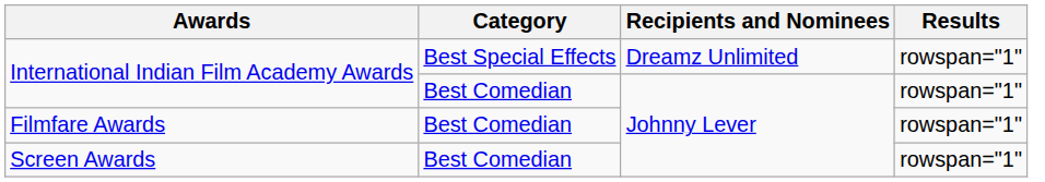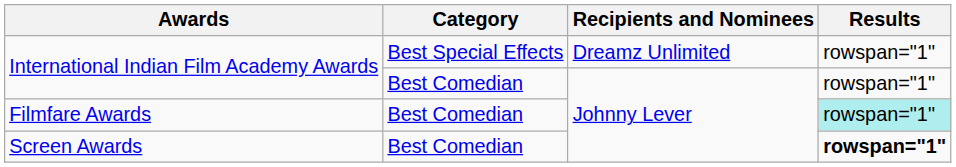 <table class="wikitable plainrowheaders sortable">
 <tr>
 <th>Awards</th>
 <th>Category</th>
 <th>Recipients and Nominees</th>
 <th>Results</th>
 </tr>
 <tr>
 <td rowspan="2"><a href='#'>International Indian Film Academy Awards</a></td>
 <td><a href='#'>Best Special Effects</a></td>
 <td><a href='#'>Dreamz Unlimited</a></td>
 <td>rowspan="1" </td>
 </tr>
 <tr>
 <td><a href='#'>Best Comedian</a></td>
 <td rowspan="3"><a href='#'>Johnny Lever</a></td>
 <td>rowspan="1" </td>
 </tr>
 <tr>
 <td rowspan="1"><a href='#'>Filmfare Awards</a></td>
 <td><a href='#'>Best Comedian</a></td>
-<td>rowspan="1" </td>
+<td style="background: paleturquoise;">rowspan="1" </td>
 </tr>
 <tr>
 <td rowspan="1"><a href='#'>Screen Awards</a></td>
 <td><a href='#'>Best Comedian</a></td>
-<td>rowspan="1" </td>
+<td><strong>rowspan="1" </strong></td>
 </tr>
 </table>
